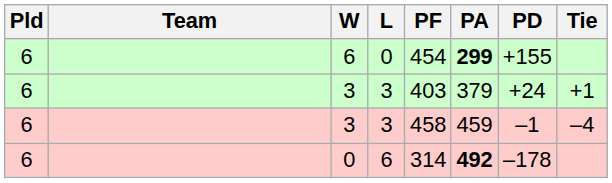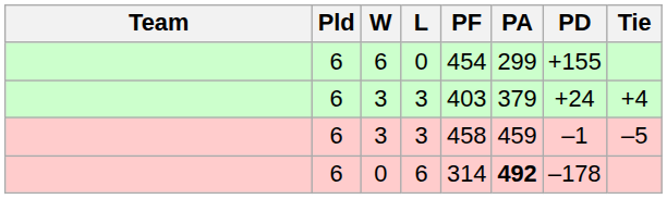 <table class=wikitable style="text-align:center">
 <tr>
+<th width=200>Team</th>
 <th width=20>Pld</th>
-<th width=200>Team</th>
 <th width=20>W</th>
 <th width=20>L</th>
 <th width=20>PF</th>
 <th width=20>PA</th>
 <th width=30>PD</th>
 <th width=30>Tie</th>
 </tr>
 <tr bgcolor=ccffcc>
+<td align=left></td>
 <td>6</td>
-<td align=left></td>
 <td>6</td>
 <td>0</td>
 <td>454</td>
-<td><strong>299</strong></td>
+<td>299</td>
 <td>+155</td>
 <td></td>
 </tr>
 <tr bgcolor=ccffcc>
+<td align=left></td>
 <td>6</td>
-<td align=left></td>
 <td>3</td>
 <td>3</td>
 <td>403</td>
 <td>379</td>
 <td>+24</td>
-<td>+1</td>
+<td>+4</td>
 </tr>
 <tr bgcolor=ffcccc>
+<td align=left></td>
 <td>6</td>
-<td align=left></td>
 <td>3</td>
 <td>3</td>
 <td>458</td>
 <td>459</td>
 <td>–1</td>
-<td>–4</td>
+<td>–5</td>
 </tr>
 <tr bgcolor=ffcccc>
+<td align=left></td>
 <td>6</td>
-<td align=left></td>
 <td>0</td>
 <td>6</td>
 <td>314</td>
 <td><strong>492</strong></td>
 <td>–178</td>
 <td></td>
 </tr>
 </table>
